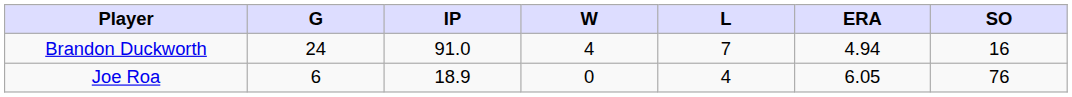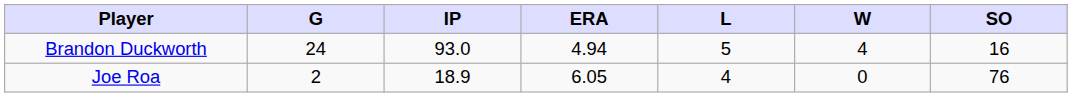 <table class="wikitable sortable'">
 <tr>
 <th style="background:#ddf; width:16%">Player</th>
 <th style="background:#ddf; width:9%">G</th>
 <th style="background:#ddf; width:9%">IP</th>
+<th style="background:#ddf; width:9%">ERA</th>
+<th style="background:#ddf; width:9%">L</th>
 <th style="background:#ddf; width:9%">W</th>
-<th style="background:#ddf; width:9%">L</th>
-<th style="background:#ddf; width:9%">ERA</th>
 <th style="background:#ddf; width:9%">SO</th>
 </tr>
 <tr align=center>
 <td><a href='#'>Brandon Duckworth</a></td>
 <td>24</td>
-<td>91.0</td>
+<td>93.0</td>
+<td>4.94</td>
+<td>5</td>
 <td>4</td>
-<td>7</td>
-<td>4.94</td>
 <td>16</td>
 </tr>
 <tr align=center>
 <td><a href='#'>Joe Roa</a></td>
-<td>6</td>
+<td>2</td>
 <td>18.9</td>
+<td>6.05</td>
+<td>4</td>
 <td>0</td>
-<td>4</td>
-<td>6.05</td>
 <td>76</td>
 </tr>
 </table>
